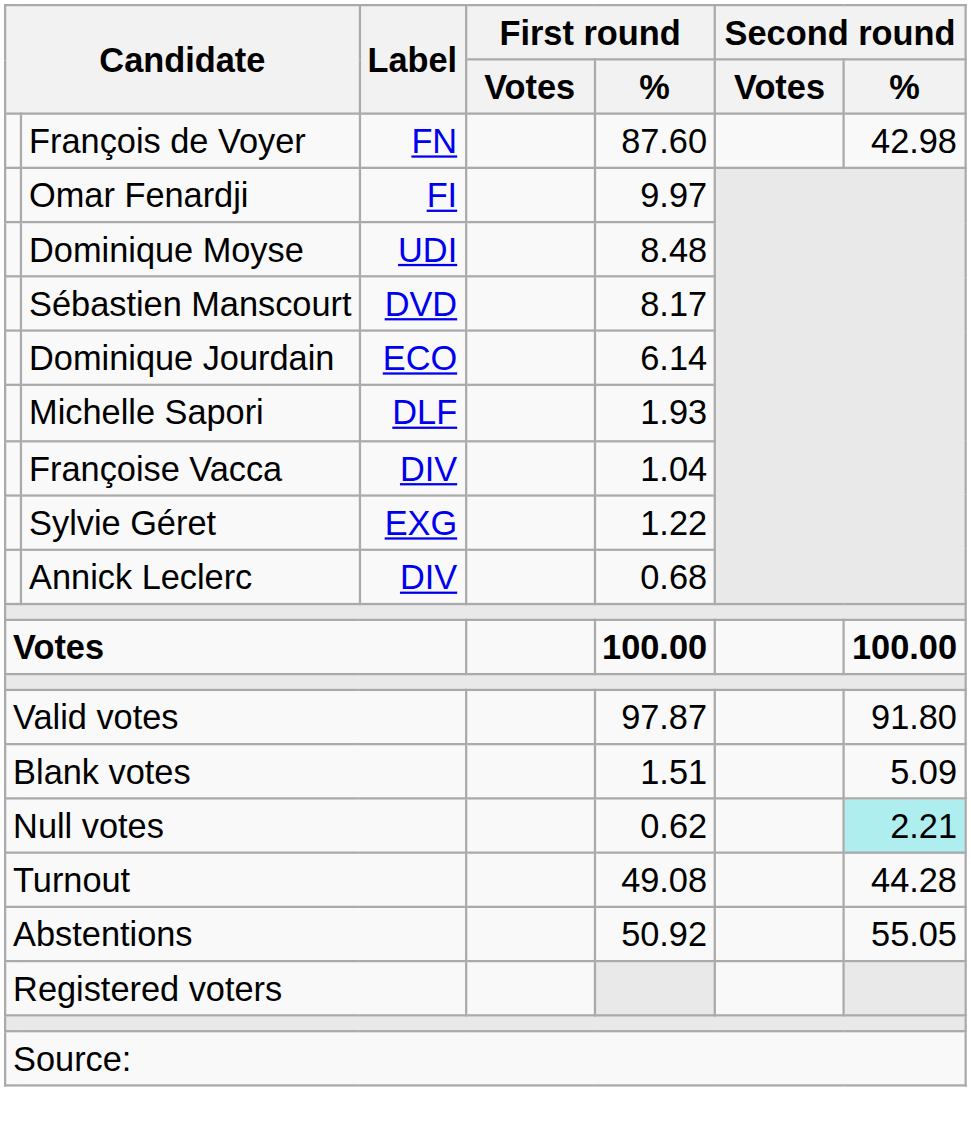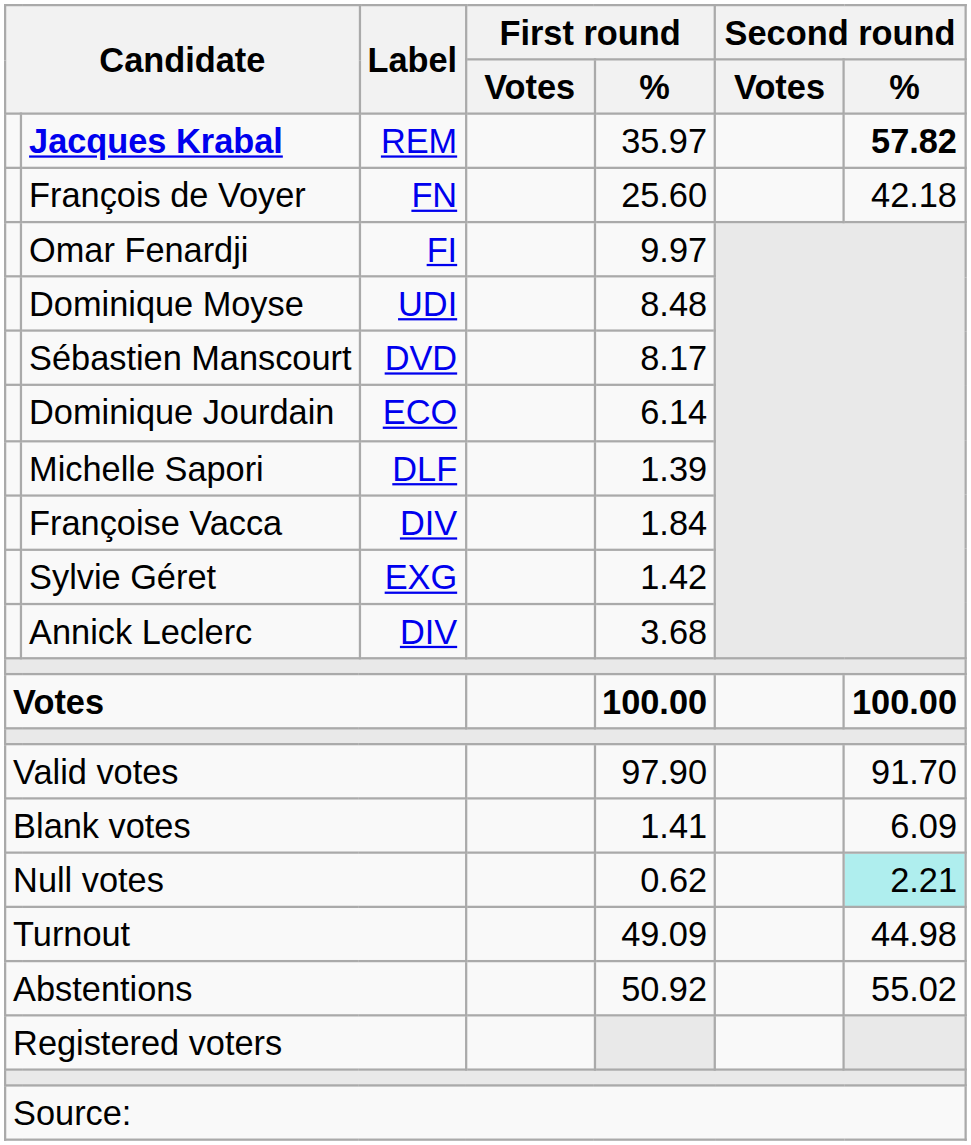 <table class="wikitable" style="text-align:right;font-size:95%;">
 <tr>
 <th colspan="2" rowspan="2">Candidate</th>
 <th rowspan="2">Label</th>
 <th colspan="2">First round</th>
 <th colspan="2">Second round</th>
 </tr>
 <tr>
 <th style="width:50px;">Votes</th>
 <th style="width:45px;">%</th>
 <th style="width:50px;">Votes</th>
 <th style="width:45px;">%</th>
 </tr>
 <tr>
 <td style="color:inherit;background:"></td>
+<td style="text-align:left;"><strong><a href='#'>Jacques Krabal</a></strong></td>
+<td><a href='#'>REM</a></td>
+<td></td>
+<td>35.97</td>
+<td><strong></strong></td>
+<td><strong>57.82</strong></td>
+</tr>
+<tr>
+<td style="color:inherit;background:"></td>
 <td style="text-align:left;">François de Voyer</td>
 <td><a href='#'>FN</a></td>
 <td></td>
-<td>87.60</td>
+<td>25.60</td>
 <td></td>
-<td>42.98</td>
+<td>42.18</td>
 </tr>
 <tr>
 <td style="color:inherit;background:"></td>
 <td style="text-align:left;">Omar Fenardji</td>
 <td><a href='#'>FI</a></td>
 <td></td>
 <td>9.97</td>
 <td colspan="2" rowspan="8" style="background:#E9E9E9;"></td>
 </tr>
 <tr>
 <td style="color:inherit;background:"></td>
 <td style="text-align:left;">Dominique Moyse</td>
 <td><a href='#'>UDI</a></td>
 <td></td>
 <td>8.48</td>
 </tr>
 <tr>
 <td style="color:inherit;background:"></td>
 <td style="text-align:left;">Sébastien Manscourt</td>
 <td><a href='#'>DVD</a></td>
 <td></td>
 <td>8.17</td>
 </tr>
 <tr>
 <td style="color:inherit;background:"></td>
 <td style="text-align:left;">Dominique Jourdain</td>
 <td><a href='#'>ECO</a></td>
 <td></td>
 <td>6.14</td>
 </tr>
 <tr>
 <td style="color:inherit;background:"></td>
 <td style="text-align:left;">Michelle Sapori</td>
 <td><a href='#'>DLF</a></td>
 <td></td>
-<td>1.93</td>
+<td>1.39</td>
 </tr>
 <tr>
 <td style="color:inherit;background:"></td>
 <td style="text-align:left;">Françoise Vacca</td>
 <td><a href='#'>DIV</a></td>
 <td></td>
-<td>1.04</td>
+<td>1.84</td>
 </tr>
 <tr>
 <td style="color:inherit;background:"></td>
 <td style="text-align:left;">Sylvie Géret</td>
 <td><a href='#'>EXG</a></td>
 <td></td>
-<td>1.22</td>
+<td>1.42</td>
 </tr>
 <tr>
 <td style="color:inherit;background:"></td>
 <td style="text-align:left;">Annick Leclerc</td>
 <td><a href='#'>DIV</a></td>
 <td></td>
-<td>0.68</td>
+<td>3.68</td>
 </tr>
 <tr>
 <td colspan="7" style="background:#E9E9E9;"></td>
 </tr>
 <tr style="font-weight:bold;">
 <td colspan="3" style="text-align:left;">Votes</td>
 <td></td>
 <td>100.00</td>
 <td></td>
 <td>100.00</td>
 </tr>
 <tr>
 <td colspan="7" style="background:#E9E9E9;"></td>
 </tr>
 <tr>
 <td colspan="3" style="text-align:left;">Valid votes</td>
 <td></td>
-<td>97.87</td>
+<td>97.90</td>
 <td></td>
-<td>91.80</td>
+<td>91.70</td>
 </tr>
 <tr>
 <td colspan="3" style="text-align:left;">Blank votes</td>
 <td></td>
-<td>1.51</td>
+<td>1.41</td>
 <td></td>
-<td>5.09</td>
+<td>6.09</td>
 </tr>
 <tr>
 <td colspan="3" style="text-align:left;">Null votes</td>
 <td></td>
 <td>0.62</td>
 <td></td>
 <td style="background: paleturquoise;">2.21</td>
 </tr>
 <tr>
 <td colspan="3" style="text-align:left;">Turnout</td>
 <td></td>
-<td>49.08</td>
+<td>49.09</td>
 <td></td>
-<td>44.28</td>
+<td>44.98</td>
 </tr>
 <tr>
 <td colspan="3" style="text-align:left;">Abstentions</td>
 <td></td>
 <td>50.92</td>
 <td></td>
-<td>55.05</td>
+<td>55.02</td>
 </tr>
 <tr>
 <td colspan="3" style="text-align:left;">Registered voters</td>
 <td></td>
 <td style="background:#E9E9E9;"></td>
 <td></td>
 <td style="background:#E9E9E9;"></td>
 </tr>
 <tr>
 <td colspan="7" style="background:#E9E9E9;"></td>
 </tr>
 <tr>
 <td colspan="7" style="text-align:left;">Source: </td>
 </tr>
 </table>
